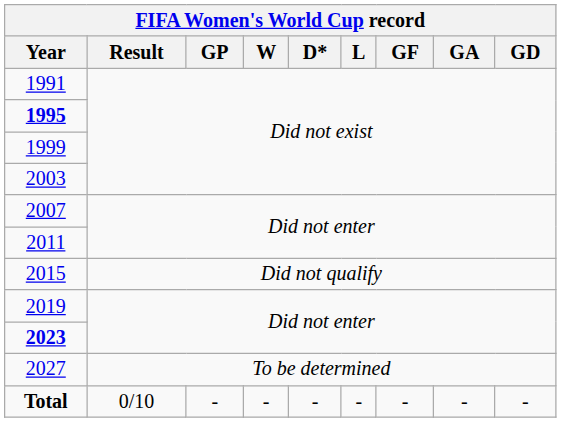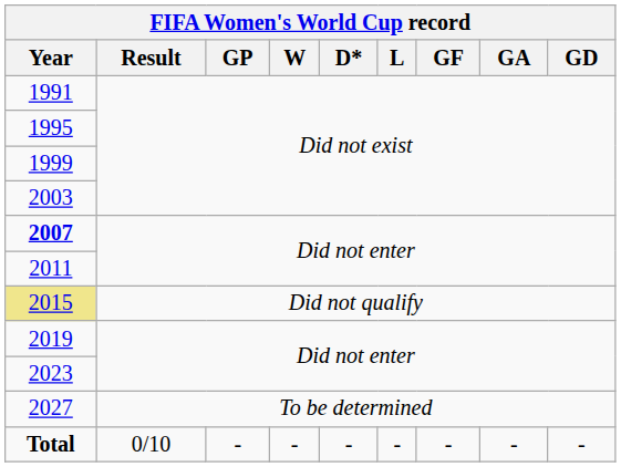 <table class="wikitable" style="text-align: center; width:50%;">
 <tr>
 <th colspan=10><a href='#'>FIFA Women's World Cup</a> record</th>
 </tr>
 <tr>
 <th>Year</th>
 <th>Result</th>
 <th>GP</th>
 <th>W</th>
 <th>D*</th>
 <th>L</th>
 <th>GF</th>
 <th>GA</th>
 <th>GD</th>
 </tr>
 <tr>
 <td> <a href='#'>1991</a></td>
 <td rowspan=4 colspan=8><em>Did not exist </em></td>
 </tr>
 <tr>
-<td><strong> <a href='#'>1995</a></strong></td>
+<td> <a href='#'>1995</a></td>
 </tr>
 <tr>
 <td> <a href='#'>1999</a></td>
 </tr>
 <tr>
 <td> <a href='#'>2003</a></td>
 </tr>
 <tr>
-<td> <a href='#'>2007</a></td>
+<td><strong> <a href='#'>2007</a></strong></td>
 <td rowspan=2 colspan=8><em>Did not enter</em></td>
 </tr>
 <tr>
 <td> <a href='#'>2011</a></td>
 </tr>
 <tr>
-<td> <a href='#'>2015</a></td>
+<td style="background: khaki;"> <a href='#'>2015</a></td>
 <td colspan=8><em>Did not qualify</em></td>
 </tr>
 <tr>
 <td> <a href='#'>2019</a></td>
 <td rowspan=2 colspan=8><em>Did not enter</em></td>
 </tr>
 <tr>
-<td><strong> <a href='#'>2023</a></strong></td>
+<td> <a href='#'>2023</a></td>
 </tr>
 <tr>
 <td> <a href='#'>2027</a></td>
 <td colspan=8><em>To be determined</em></td>
 </tr>
 <tr>
 <td><strong>Total</strong></td>
 <td>0/10</td>
 <td>-</td>
 <td>-</td>
 <td>-</td>
 <td>-</td>
 <td>-</td>
 <td>-</td>
 <td>-</td>
 </tr>
 </table>
